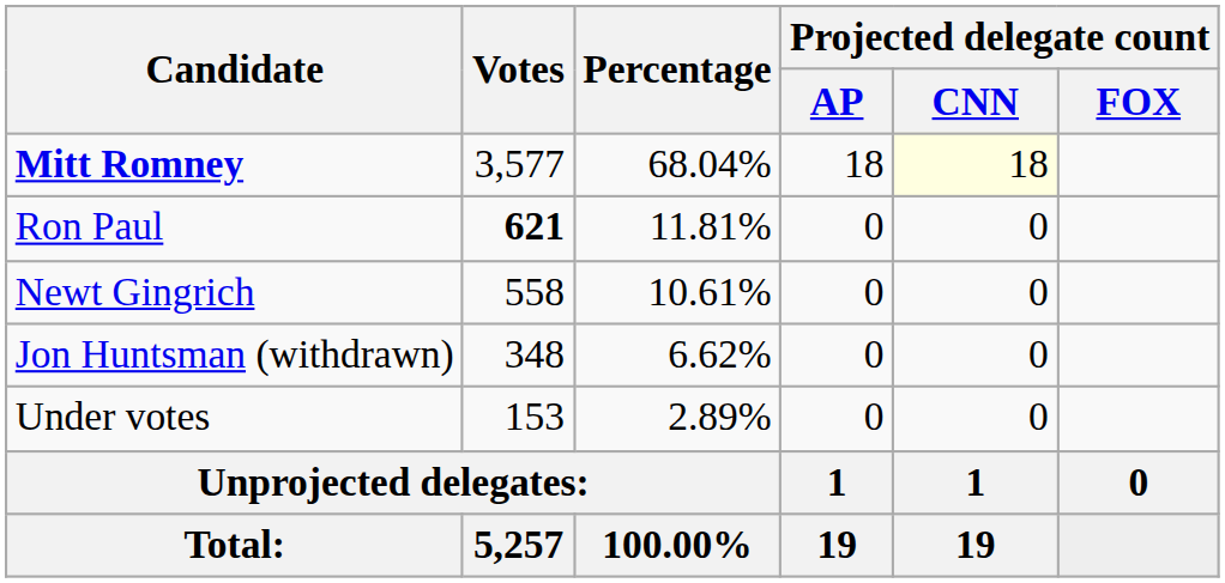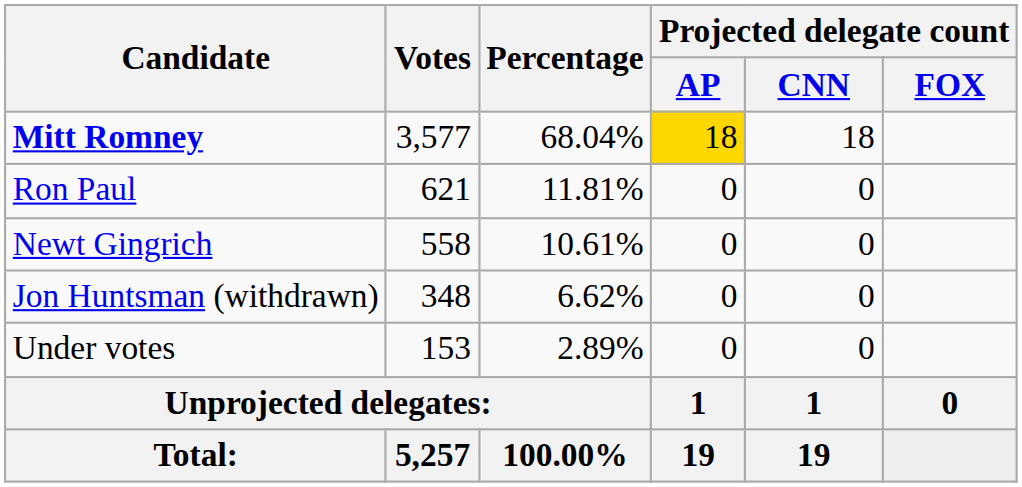 <table class="wikitable" style="text-align:right;">
 <tr>
 <th rowspan="2">Candidate</th>
 <th rowspan="2">Votes</th>
 <th rowspan="2">Percentage</th>
 <th colspan="3">Projected delegate count</th>
 </tr>
 <tr>
 <th><a href='#'>AP</a></th>
 <th><a href='#'>CNN</a><br></th>
 <th><a href='#'>FOX</a><br></th>
 </tr>
 <tr>
 <td style="text-align:left;"> <strong><a href='#'>Mitt Romney</a></strong></td>
 <td>3,577</td>
 <td>68.04%</td>
+<td style="background: gold;">18</td>
 <td>18</td>
-<td style="background: lightyellow;">18</td>
 <td></td>
 </tr>
 <tr>
 <td style="text-align:left;"><a href='#'>Ron Paul</a></td>
-<td><strong>621</strong></td>
+<td>621</td>
 <td>11.81%</td>
 <td>0</td>
 <td>0</td>
 <td></td>
 </tr>
 <tr>
 <td style="text-align:left;"><a href='#'>Newt Gingrich</a></td>
 <td>558</td>
 <td>10.61%</td>
 <td>0</td>
 <td>0</td>
 <td></td>
 </tr>
 <tr>
 <td style="text-align:left;"><a href='#'>Jon Huntsman</a> (withdrawn)</td>
 <td>348</td>
 <td>6.62%</td>
 <td>0</td>
 <td>0</td>
 <td></td>
 </tr>
 <tr>
 <td style="text-align:left;">Under votes</td>
 <td>153</td>
 <td>2.89%</td>
 <td>0</td>
 <td>0</td>
 <td></td>
 </tr>
 <tr style="background:#eee;">
 <th colspan="3">Unprojected delegates:</th>
 <th>1</th>
 <th>1</th>
 <th>0</th>
 </tr>
 <tr style="background:#eee;">
 <th>Total:</th>
 <th>5,257</th>
 <th>100.00%</th>
 <th>19</th>
 <th>19</th>
 <td></td>
 </tr>
 </table>
